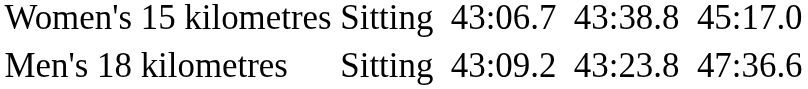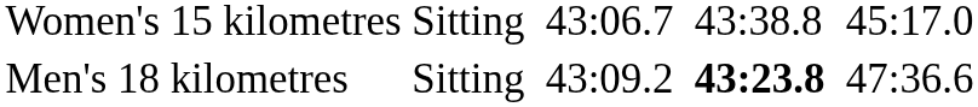 <table>
 <tr>
 <td>Women's 15 kilometres<br></td>
 <td>Sitting</td>
 <td></td>
 <td>43:06.7</td>
 <td></td>
 <td>43:38.8</td>
 <td></td>
 <td>45:17.0</td>
 </tr>
 <tr>
 <td>Men's 18 kilometres<br></td>
 <td>Sitting</td>
 <td></td>
 <td>43:09.2</td>
 <td></td>
-<td>43:23.8</td>
+<td><strong>43:23.8</strong></td>
 <td></td>
 <td>47:36.6</td>
 </tr>
 </table>
